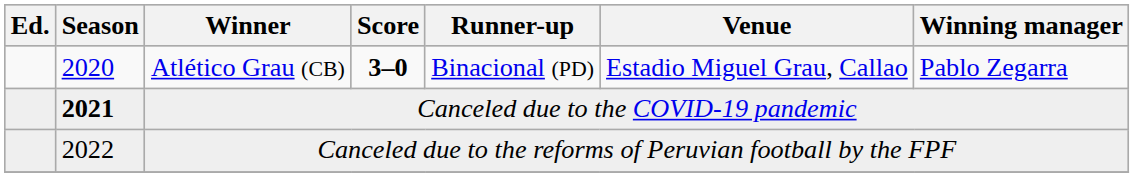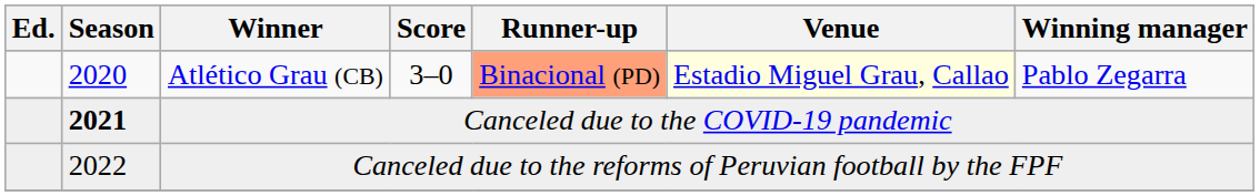 <table class="sortable plainrowheaders wikitable">
 <tr>
 <th width=px>Ed.</th>
 <th scope=col>Season</th>
 <th scope=col>Winner</th>
 <th scope=col>Score</th>
 <th scope=col>Runner-up</th>
 <th scope=col>Venue</th>
 <th scope=col>Winning manager</th>
 </tr>
 <tr>
 <td></td>
 <td><a href='#'>2020</a></td>
 <td><a href='#'>Atlético Grau</a> <small>(CB)</small> </td>
-<td align="center"><strong>3–0</strong></td>
-<td><a href='#'>Binacional</a>  <small>(PD)</small></td>
-<td><a href='#'>Estadio Miguel Grau</a>, <a href='#'>Callao</a></td>
+<td align="center">3–0</td>
+<td style="background: lightsalmon;"><a href='#'>Binacional</a>  <small>(PD)</small></td>
+<td style="background: lightyellow;"><a href='#'>Estadio Miguel Grau</a>, <a href='#'>Callao</a></td>
 <td> <a href='#'>Pablo Zegarra</a></td>
 </tr>
 <tr bgcolor=#efefef>
 <td></td>
 <td><strong>2021</strong></td>
 <td colspan="5" align=center><em>Canceled due to the <a href='#'>COVID-19 pandemic</a></em></td>
 </tr>
 <tr bgcolor=#efefef>
 <td></td>
 <td>2022</td>
 <td colspan="5" rowspan="1" align="center"><em>Canceled due to the reforms of Peruvian football by the FPF</em></td>
 </tr>
 <tr>
 </tr>
 </table>
